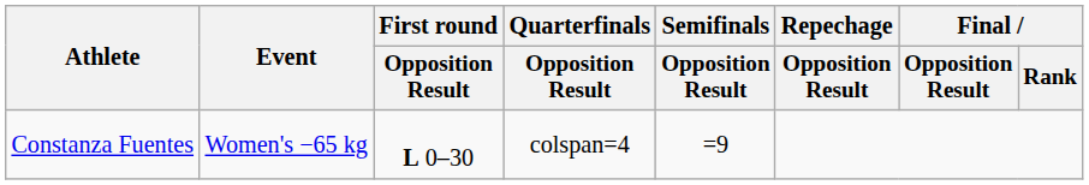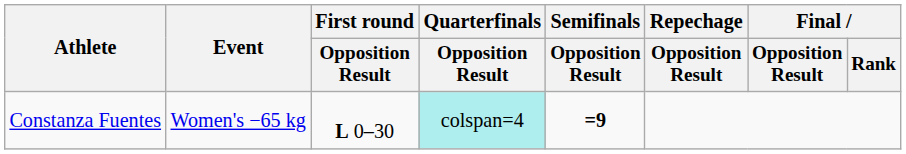 <table class="wikitable" style="font-size:90%;">
 <tr>
 <th rowspan=2>Athlete</th>
 <th rowspan=2>Event</th>
 <th>First round</th>
 <th>Quarterfinals</th>
 <th>Semifinals</th>
 <th>Repechage</th>
 <th colspan=2>Final / </th>
 </tr>
 <tr style="font-size:95%">
 <th>Opposition<br>Result</th>
 <th>Opposition<br>Result</th>
 <th>Opposition<br>Result</th>
 <th>Opposition<br>Result</th>
 <th>Opposition<br>Result</th>
 <th>Rank</th>
 </tr>
 <tr align=center>
 <td align=left><a href='#'>Constanza Fuentes</a></td>
 <td align=left><a href='#'>Women's −65 kg</a></td>
 <td><br><strong>L</strong> 0–30</td>
-<td>colspan=4 </td>
-<td>=9</td>
+<td style="background: paleturquoise;">colspan=4 </td>
+<td><strong>=9</strong></td>
 </tr>
 </table>
